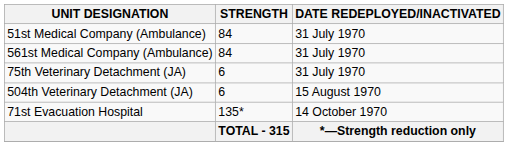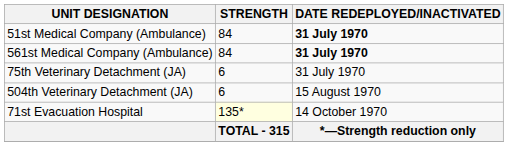 <table class="wikitable">
 <tr>
 <th>UNIT DESIGNATION</th>
 <th>STRENGTH</th>
 <th>DATE REDEPLOYED/INACTIVATED</th>
 </tr>
 <tr>
 <td>51st Medical Company (Ambulance)</td>
 <td>84</td>
-<td>31 July 1970</td>
+<td><strong>31 July 1970</strong></td>
 </tr>
 <tr>
 <td>561st Medical Company (Ambulance)</td>
 <td>84</td>
-<td>31 July 1970</td>
+<td><strong>31 July 1970</strong></td>
 </tr>
 <tr>
 <td>75th Veterinary Detachment (JA)</td>
 <td>6</td>
 <td>31 July 1970</td>
 </tr>
 <tr>
 <td>504th Veterinary Detachment (JA)</td>
 <td>6</td>
 <td>15 August 1970</td>
 </tr>
 <tr>
 <td>71st Evacuation Hospital</td>
-<td>135*</td>
+<td style="background: lightyellow;">135*</td>
 <td>14 October 1970</td>
 </tr>
 <tr>
 <th></th>
 <th>TOTAL - 315</th>
 <th>*—Strength reduction only</th>
 </tr>
 <tr>
 </tr>
 </table>
